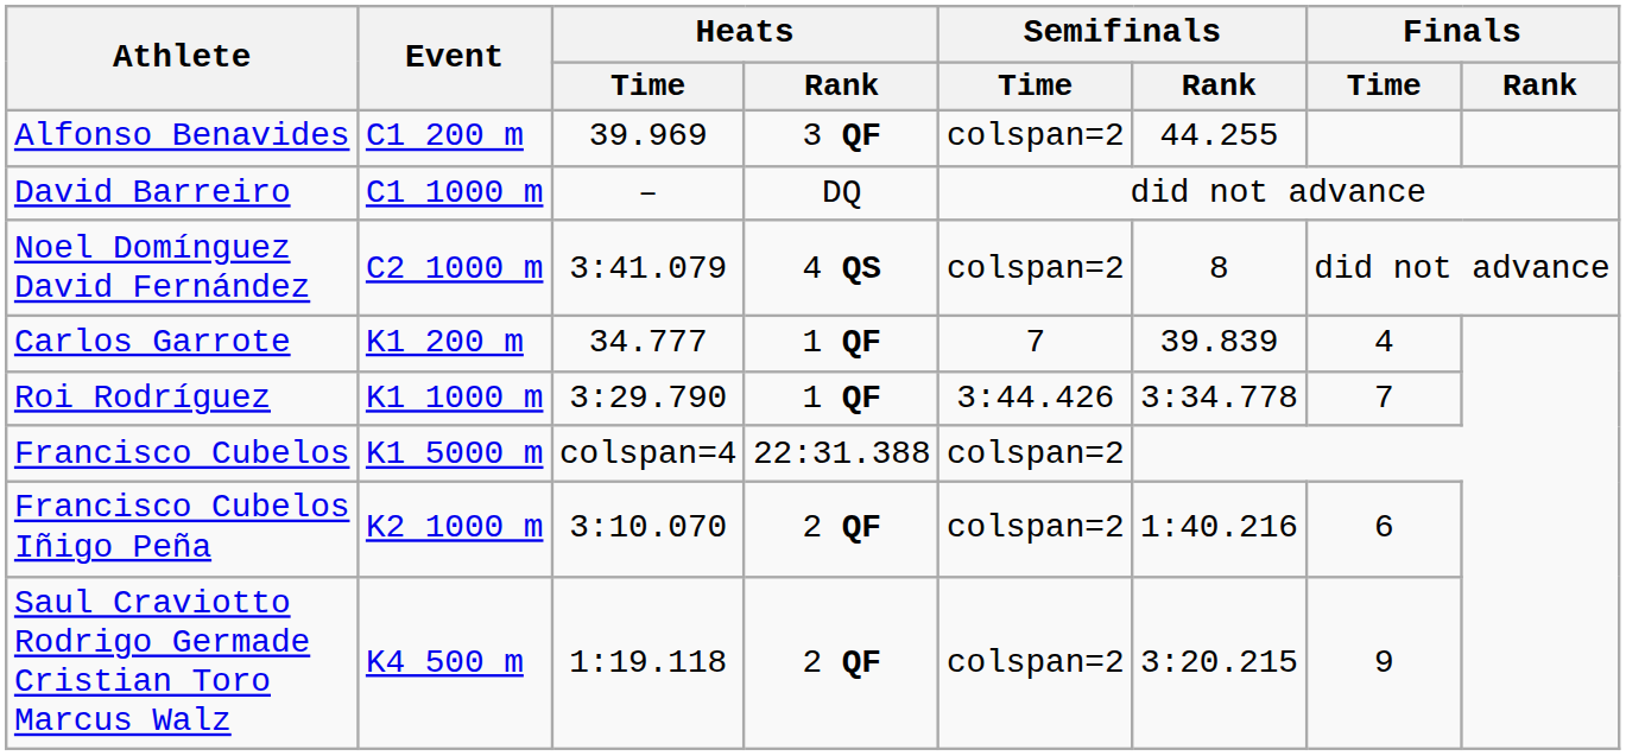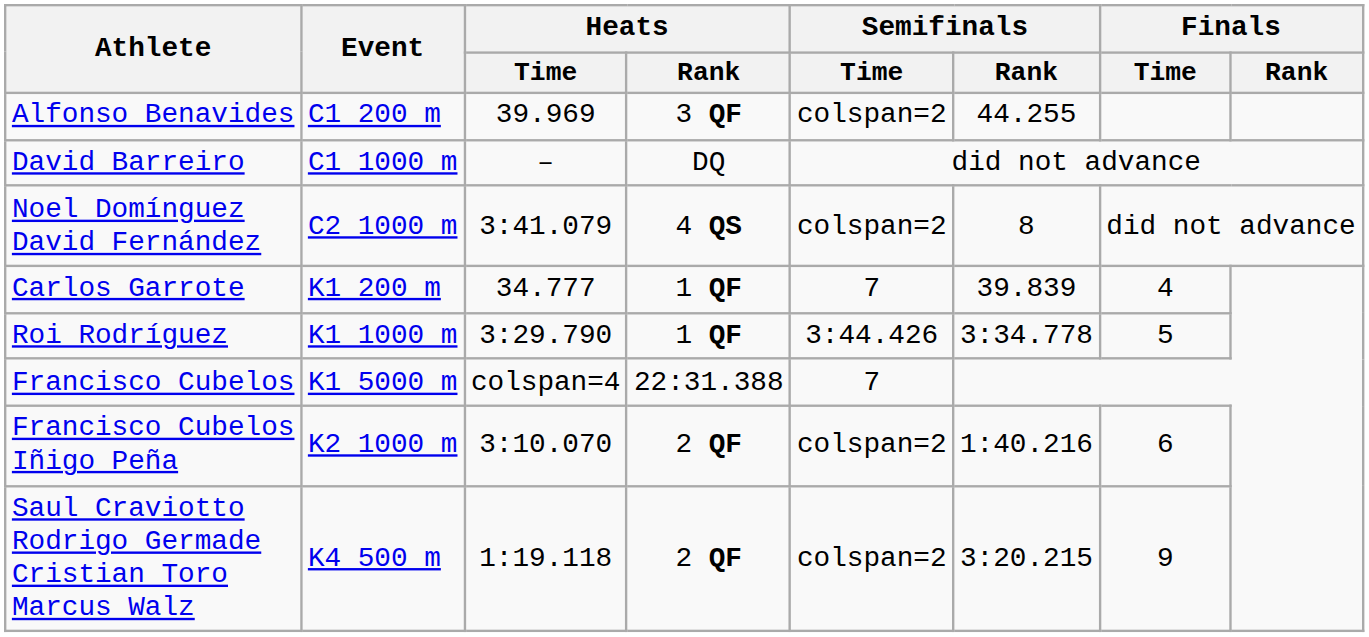 <table class="wikitable" style="font-size:90%">
 <tr>
 <th rowspan="2">Athlete</th>
 <th rowspan="2">Event</th>
 <th colspan=2>Heats</th>
 <th colspan=2>Semifinals</th>
 <th colspan=2>Finals</th>
 </tr>
 <tr style="font-size:95%">
 <th>Time</th>
 <th>Rank</th>
 <th>Time</th>
 <th>Rank</th>
 <th>Time</th>
 <th>Rank</th>
 </tr>
 <tr align=center>
 <td align=left><a href='#'>Alfonso Benavides</a></td>
 <td align=left><a href='#'>C1 200 m</a></td>
 <td>39.969</td>
 <td>3 <strong>QF</strong></td>
 <td>colspan=2 </td>
 <td>44.255</td>
 <td></td>
 </tr>
 <tr align=center>
 <td align=left><a href='#'>David Barreiro</a></td>
 <td align=left><a href='#'>C1 1000 m</a></td>
 <td>–</td>
 <td>DQ</td>
 <td colspan=4>did not advance</td>
 </tr>
 <tr align=center>
 <td align=left><a href='#'>Noel Domínguez</a><br><a href='#'>David Fernández</a></td>
 <td align=left><a href='#'>C2 1000 m</a></td>
 <td>3:41.079</td>
 <td>4 <strong>QS</strong></td>
 <td>colspan=2 </td>
 <td>8</td>
 <td colspan=2>did not advance</td>
 </tr>
 <tr align=center>
 <td align=left><a href='#'>Carlos Garrote</a></td>
 <td align=left><a href='#'>K1 200 m</a></td>
 <td>34.777</td>
 <td>1 <strong>QF</strong></td>
 <td>7</td>
 <td>39.839</td>
 <td>4</td>
 </tr>
 <tr align=center>
 <td align=left><a href='#'>Roi Rodríguez</a></td>
 <td align=left><a href='#'>K1 1000 m</a></td>
 <td>3:29.790</td>
 <td>1 <strong>QF</strong></td>
 <td>3:44.426</td>
 <td>3:34.778</td>
-<td>7</td>
+<td>5</td>
 </tr>
 <tr align=center>
 <td align=left><a href='#'>Francisco Cubelos</a></td>
 <td align=left><a href='#'>K1 5000 m</a></td>
 <td>colspan=4 </td>
 <td>22:31.388</td>
-<td>colspan=2 </td>
+<td>7</td>
 </tr>
 <tr align=center>
 <td align=left><a href='#'>Francisco Cubelos</a><br><a href='#'>Iñigo Peña</a></td>
 <td align=left><a href='#'>K2 1000 m</a></td>
 <td>3:10.070</td>
 <td>2 <strong>QF</strong></td>
 <td>colspan=2 </td>
 <td>1:40.216</td>
 <td>6</td>
 </tr>
 <tr align=center>
 <td align=left><a href='#'>Saul Craviotto</a><br><a href='#'>Rodrigo Germade</a><br><a href='#'>Cristian Toro</a><br><a href='#'>Marcus Walz</a></td>
 <td align=left><a href='#'>K4 500 m</a></td>
 <td>1:19.118</td>
 <td>2 <strong>QF</strong></td>
 <td>colspan=2 </td>
 <td>3:20.215</td>
 <td>9</td>
 </tr>
 </table>
